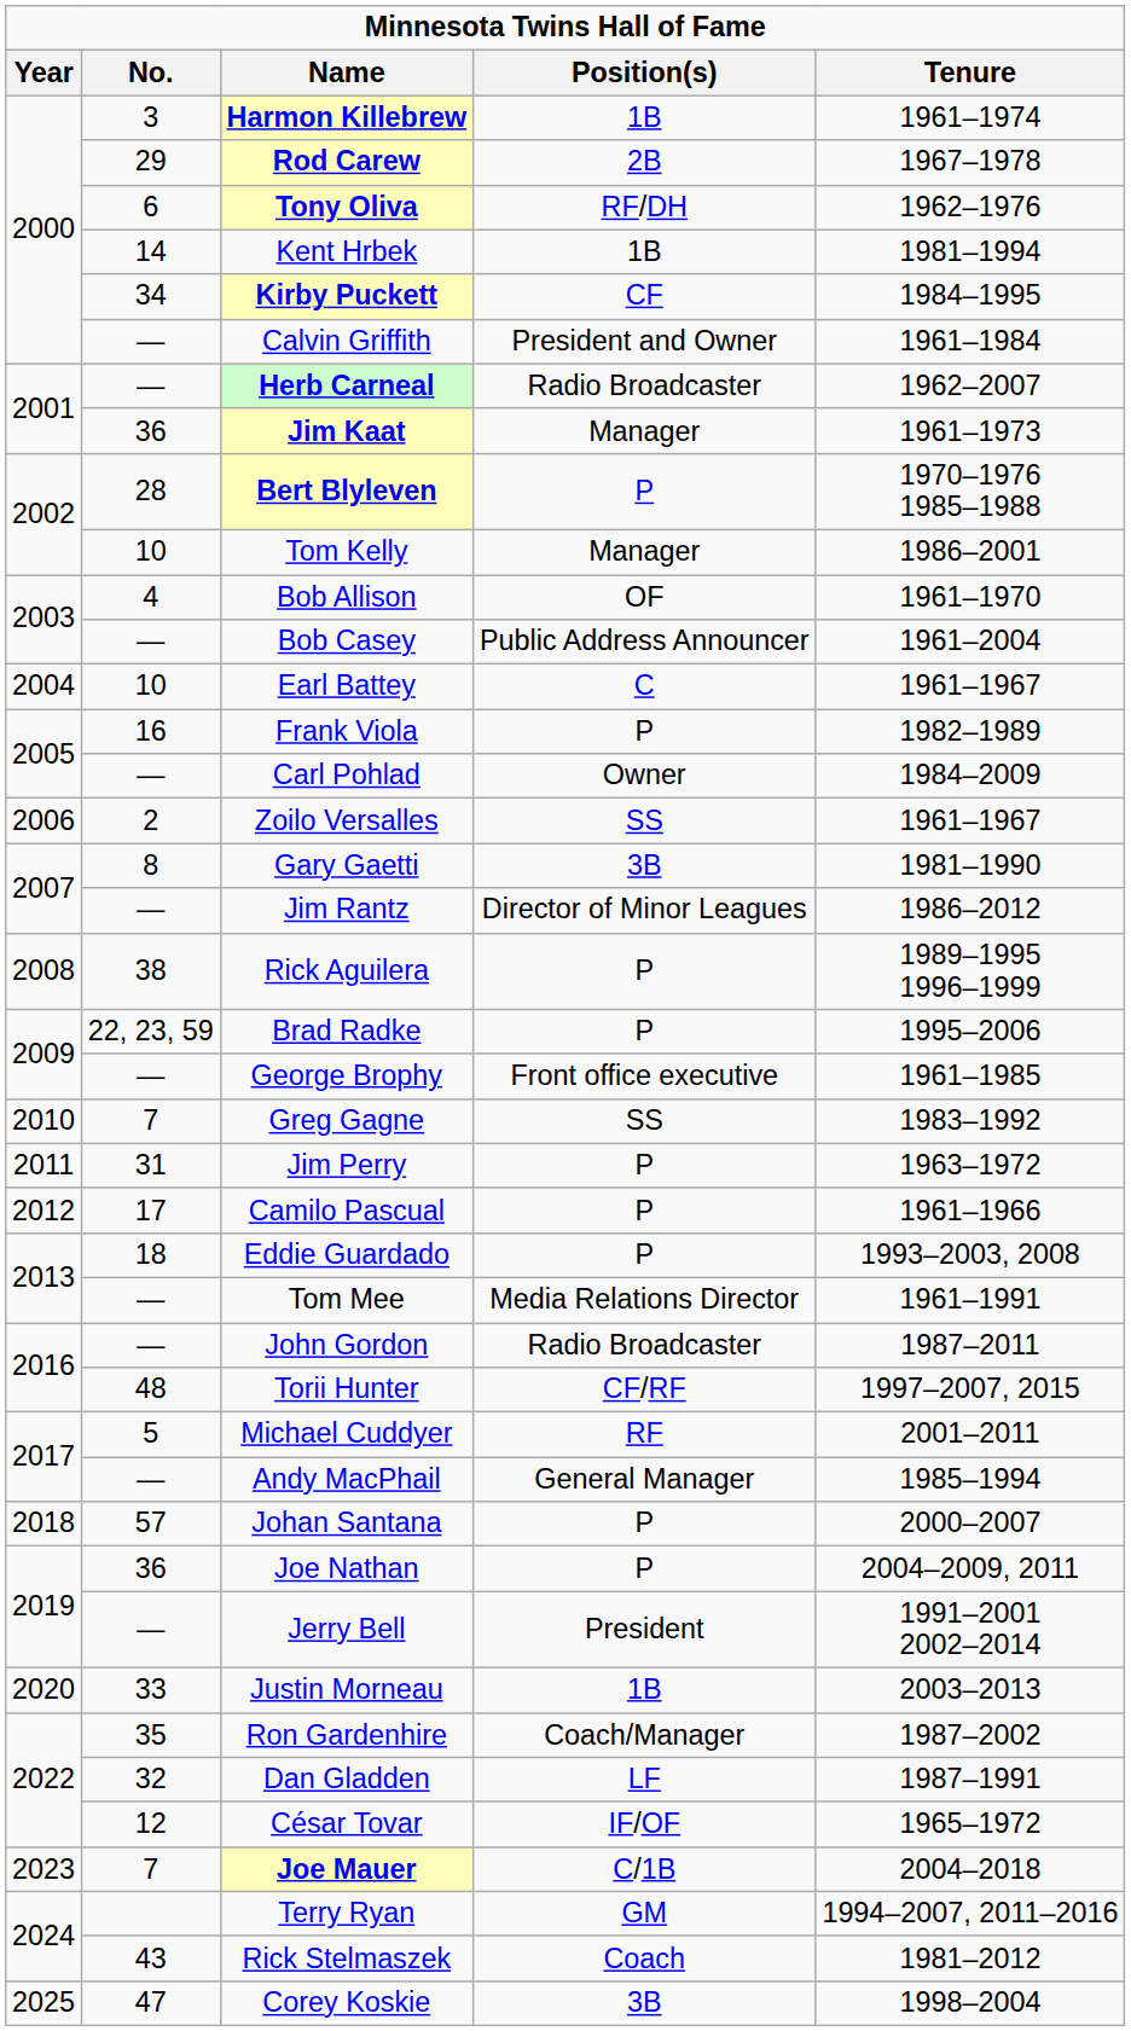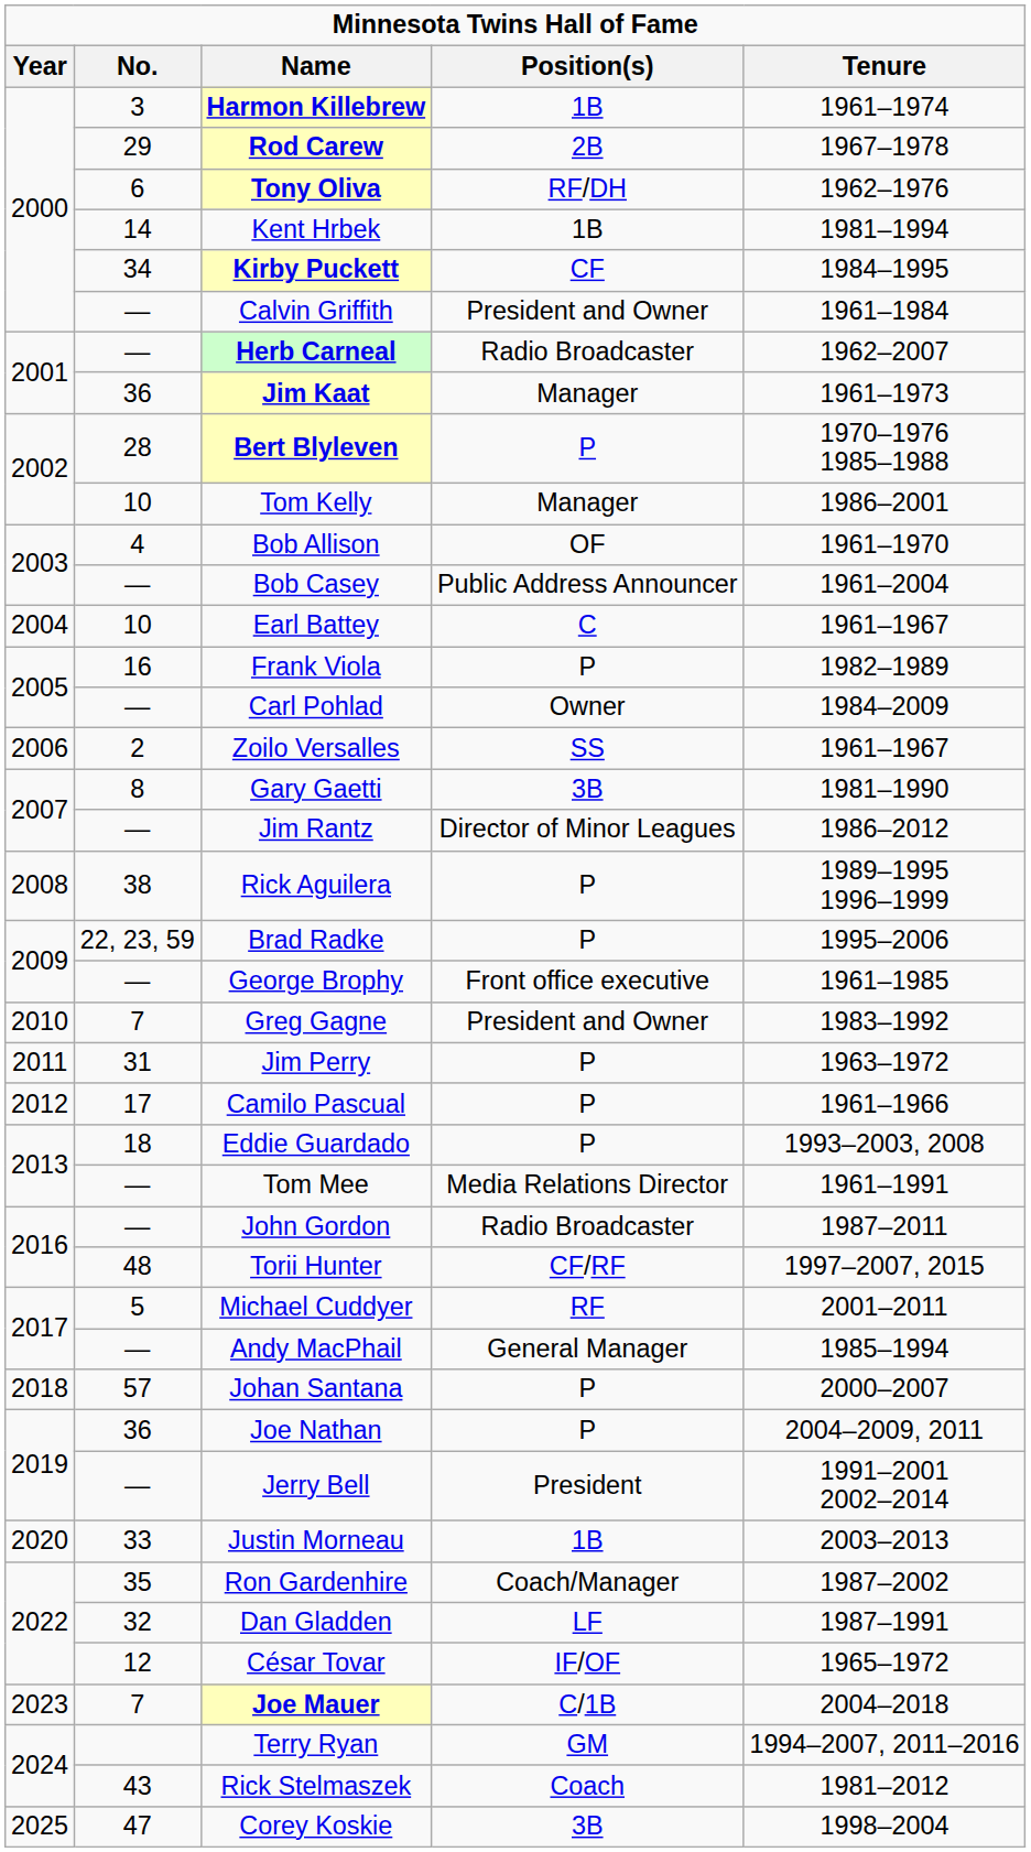 <table class="wikitable" style="text-align:center">
 <tr>
 <td colspan="5"><strong>Minnesota Twins Hall of Fame</strong></td>
 </tr>
 <tr>
 <th scope="col">Year</th>
 <th scope="col">No.</th>
 <th scope="col">Name</th>
 <th scope="col">Position(s)</th>
 <th scope="col">Tenure</th>
 </tr>
 <tr>
 <td rowspan=6>2000</td>
 <td>3</td>
 <td style="background:#ffb;"><strong><a href='#'>Harmon Killebrew</a></strong></td>
 <td><a href='#'>1B</a></td>
 <td>1961–1974</td>
 </tr>
 <tr>
 <td>29</td>
 <td style="background:#ffb;"><strong><a href='#'>Rod Carew</a></strong></td>
 <td><a href='#'>2B</a></td>
 <td>1967–1978</td>
 </tr>
 <tr>
 <td>6</td>
 <td style="background:#ffb;"><strong><a href='#'>Tony Oliva</a></strong></td>
 <td><a href='#'>RF</a>/<a href='#'>DH</a></td>
 <td>1962–1976</td>
 </tr>
 <tr>
 <td>14</td>
 <td><a href='#'>Kent Hrbek</a></td>
 <td First Baseman>1B</td>
 <td>1981–1994</td>
 </tr>
 <tr>
 <td>34</td>
 <td style="background:#ffb;"><strong><a href='#'>Kirby Puckett</a></strong></td>
 <td><a href='#'>CF</a></td>
 <td>1984–1995</td>
 </tr>
 <tr>
 <td>—</td>
 <td><a href='#'>Calvin Griffith</a></td>
 <td>President and Owner</td>
 <td>1961–1984</td>
 </tr>
 <tr>
 <td rowspan=2>2001</td>
 <td>—</td>
 <td style="background:#cfc;"><strong><a href='#'>Herb Carneal</a></strong></td>
 <td>Radio Broadcaster</td>
 <td>1962–2007</td>
 </tr>
 <tr>
 <td>36</td>
 <td style="background:#ffb;"><strong><a href='#'>Jim Kaat</a></strong></td>
 <td>Manager</td>
 <td>1961–1973</td>
 </tr>
 <tr>
 <td rowspan=2>2002</td>
 <td>28</td>
 <td style="background:#ffb;"><strong><a href='#'>Bert Blyleven</a></strong></td>
 <td><a href='#'>P</a></td>
 <td>1970–1976<br>1985–1988</td>
 </tr>
 <tr>
 <td>10</td>
 <td><a href='#'>Tom Kelly</a></td>
 <td>Manager</td>
 <td>1986–2001</td>
 </tr>
 <tr>
 <td rowspan=2>2003</td>
 <td>4</td>
 <td><a href='#'>Bob Allison</a></td>
 <td Outfielder>OF</td>
 <td>1961–1970</td>
 </tr>
 <tr>
 <td>—</td>
 <td><a href='#'>Bob Casey</a></td>
 <td>Public Address Announcer</td>
 <td>1961–2004</td>
 </tr>
 <tr>
 <td>2004</td>
 <td>10</td>
 <td><a href='#'>Earl Battey</a></td>
 <td><a href='#'>C</a></td>
 <td>1961–1967</td>
 </tr>
 <tr>
 <td rowspan=2>2005</td>
 <td>16</td>
 <td><a href='#'>Frank Viola</a></td>
 <td Pitcher>P</td>
 <td>1982–1989</td>
 </tr>
 <tr>
 <td>—</td>
 <td><a href='#'>Carl Pohlad</a></td>
 <td>Owner</td>
 <td>1984–2009</td>
 </tr>
 <tr>
 <td>2006</td>
 <td>2</td>
 <td><a href='#'>Zoilo Versalles</a></td>
 <td><a href='#'>SS</a></td>
 <td>1961–1967</td>
 </tr>
 <tr>
 <td rowspan=2>2007</td>
 <td>8</td>
 <td><a href='#'>Gary Gaetti</a></td>
 <td><a href='#'>3B</a></td>
 <td>1981–1990</td>
 </tr>
 <tr>
 <td>—</td>
 <td><a href='#'>Jim Rantz</a></td>
 <td>Director of Minor Leagues</td>
 <td>1986–2012</td>
 </tr>
 <tr>
 <td>2008</td>
 <td>38</td>
 <td><a href='#'>Rick Aguilera</a></td>
 <td Pitcher>P</td>
 <td>1989–1995<br>1996–1999</td>
 </tr>
 <tr>
 <td rowspan=2>2009</td>
 <td>22, 23, 59</td>
 <td><a href='#'>Brad Radke</a></td>
 <td Pitcher>P</td>
 <td>1995–2006</td>
 </tr>
 <tr>
 <td>—</td>
 <td><a href='#'>George Brophy</a></td>
 <td>Front office executive</td>
 <td>1961–1985</td>
 </tr>
 <tr>
 <td>2010</td>
 <td>7</td>
 <td><a href='#'>Greg Gagne</a></td>
-<td Shortstop>SS</td>
+<td>President and Owner</td>
 <td>1983–1992</td>
 </tr>
 <tr>
 <td>2011</td>
 <td>31</td>
 <td><a href='#'>Jim Perry</a></td>
 <td Pitcher>P</td>
 <td>1963–1972</td>
 </tr>
 <tr>
 <td>2012</td>
 <td>17</td>
 <td><a href='#'>Camilo Pascual</a></td>
 <td Pitcher>P</td>
 <td>1961–1966</td>
 </tr>
 <tr>
 <td rowspan=2>2013</td>
 <td>18</td>
 <td><a href='#'>Eddie Guardado</a></td>
 <td Pitcher>P</td>
 <td>1993–2003, 2008</td>
 </tr>
 <tr>
 <td>—</td>
 <td>Tom Mee</td>
 <td>Media Relations Director</td>
 <td>1961–1991</td>
 </tr>
 <tr>
 <td rowspan=2>2016</td>
 <td>—</td>
 <td><a href='#'>John Gordon</a></td>
 <td>Radio Broadcaster</td>
 <td>1987–2011</td>
 </tr>
 <tr>
 <td>48</td>
 <td><a href='#'>Torii Hunter</a></td>
 <td><a href='#'>CF</a>/<a href='#'>RF</a></td>
 <td>1997–2007, 2015</td>
 </tr>
 <tr>
 <td rowspan=2>2017</td>
 <td>5</td>
 <td><a href='#'>Michael Cuddyer</a></td>
 <td><a href='#'>RF</a></td>
 <td>2001–2011</td>
 </tr>
 <tr>
 <td>—</td>
 <td><a href='#'>Andy MacPhail</a></td>
 <td>General Manager</td>
 <td>1985–1994</td>
 </tr>
 <tr>
 <td>2018</td>
 <td>57</td>
 <td><a href='#'>Johan Santana</a></td>
 <td Pitcher>P</td>
 <td>2000–2007</td>
 </tr>
 <tr>
 <td rowspan=2>2019</td>
 <td>36</td>
 <td><a href='#'>Joe Nathan</a></td>
 <td Pitcher>P</td>
 <td>2004–2009, 2011</td>
 </tr>
 <tr>
 <td>—</td>
 <td><a href='#'>Jerry Bell</a></td>
 <td>President</td>
 <td>1991–2001<br>2002–2014</td>
 </tr>
 <tr>
 <td>2020</td>
 <td>33</td>
 <td><a href='#'>Justin Morneau</a></td>
 <td><a href='#'>1B</a></td>
 <td>2003–2013</td>
 </tr>
 <tr>
 <td rowspan=3>2022</td>
 <td>35</td>
 <td><a href='#'>Ron Gardenhire</a></td>
 <td>Coach/Manager</td>
 <td>1987–2002</td>
 </tr>
 <tr>
 <td>32</td>
 <td><a href='#'>Dan Gladden</a></td>
 <td><a href='#'>LF</a></td>
 <td>1987–1991</td>
 </tr>
 <tr>
 <td>12</td>
 <td><a href='#'>César Tovar</a></td>
 <td><a href='#'>IF</a>/<a href='#'>OF</a></td>
 <td>1965–1972</td>
 </tr>
 <tr>
 <td>2023</td>
 <td>7</td>
 <td style="background:#ffb;"><strong><a href='#'>Joe Mauer</a></strong></td>
 <td><a href='#'>C</a>/<a href='#'>1B</a></td>
 <td>2004–2018</td>
 </tr>
 <tr>
 <td rowspan=2>2024</td>
 <td></td>
 <td><a href='#'>Terry Ryan</a></td>
 <td><a href='#'>GM</a></td>
 <td>1994–2007, 2011–2016</td>
 </tr>
 <tr>
 <td>43</td>
 <td><a href='#'>Rick Stelmaszek </a></td>
 <td><a href='#'>Coach</a></td>
 <td>1981–2012</td>
 </tr>
 <tr>
 <td>2025</td>
 <td>47</td>
 <td><a href='#'>Corey Koskie</a></td>
 <td><a href='#'>3B</a></td>
 <td>1998–2004</td>
 </tr>
 </table>
